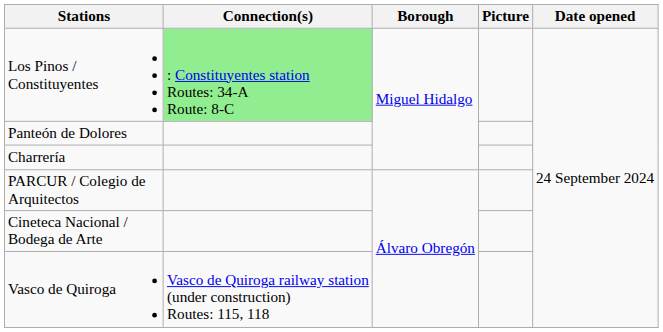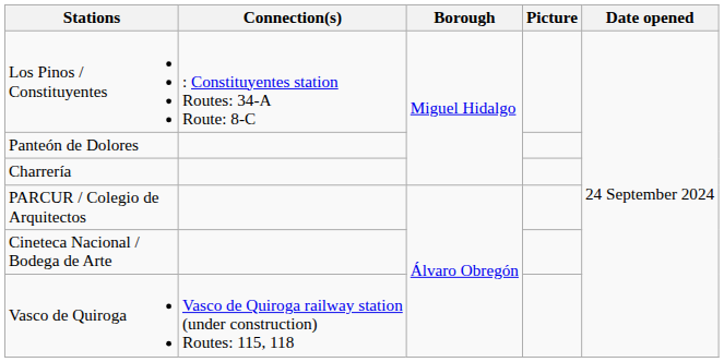 <table class="wikitable">
 <tr>
 <th width="160px">Stations</th>
 <th>Connection(s)</th>
 <th>Borough</th>
 <th>Picture</th>
 <th>Date opened</th>
 </tr>
 <tr>
 <td> Los Pinos / Constituyentes</td>
-<td style="background: lightgreen;"><br><li></li> <li> : <a href='#'>Constituyentes station</a></li> <li> Routes: 34-A</li> <li> Route: 8-C</td>
+<td><br><li></li> <li> : <a href='#'>Constituyentes station</a></li> <li> Routes: 34-A</li> <li> Route: 8-C</td>
 <td rowspan=3><a href='#'>Miguel Hidalgo</a></td>
 <td></td>
 <td rowspan=6>24 September 2024</td>
 </tr>
 <tr>
 <td> Panteón de Dolores</td>
 <td></td>
 <td></td>
 </tr>
 <tr>
 <td> Charrería</td>
 <td></td>
 <td></td>
 </tr>
 <tr>
 <td> PARCUR / Colegio de Arquitectos</td>
 <td></td>
 <td rowspan=3><a href='#'>Álvaro Obregón</a></td>
 <td></td>
 </tr>
 <tr>
 <td> Cineteca Nacional / Bodega de Arte</td>
 <td></td>
 <td></td>
 </tr>
 <tr>
 <td> Vasco de Quiroga</td>
 <td><br><li>  <a href='#'>Vasco de Quiroga railway station</a><br> (under construction) <li> Routes: 115, 118</li></td>
 <td></td>
 </tr>
 </table>
